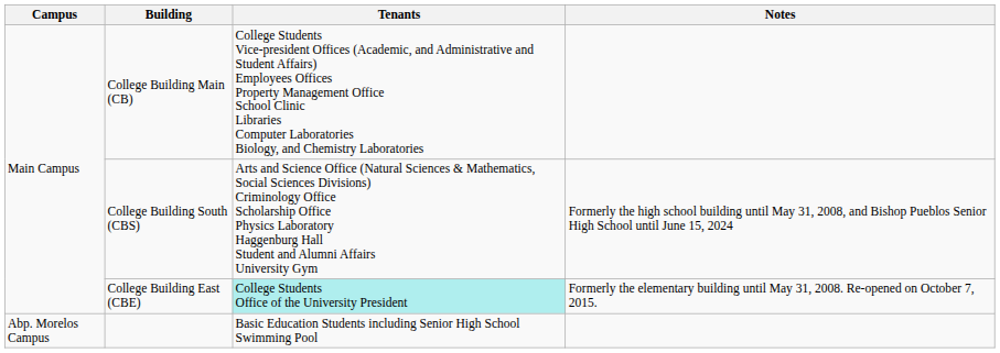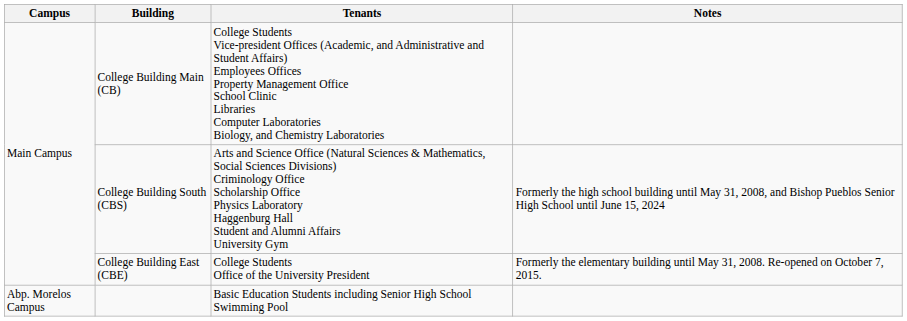 <table class="wikitable">
 <tr>
 <th>Campus</th>
 <th>Building</th>
 <th>Tenants</th>
 <th>Notes</th>
 </tr>
 <tr>
 <td rowspan="3">Main Campus</td>
 <td>College Building Main (CB)</td>
 <td>College Students<br>Vice-president Offices (Academic, and Administrative and Student Affairs)<br>Employees Offices<br>Property Management Office<br>School Clinic<br>Libraries<br>Computer Laboratories<br>Biology, and Chemistry Laboratories</td>
 <td></td>
 </tr>
 <tr>
 <td>College Building South (CBS)</td>
 <td>Arts and Science Office (Natural Sciences & Mathematics, Social Sciences Divisions)<br>Criminology Office<br>Scholarship Office<br>Physics Laboratory<br>Haggenburg Hall<br>Student and Alumni Affairs<br>University Gym</td>
 <td>Formerly the high school building until May 31, 2008, and Bishop Pueblos Senior High School until June 15, 2024</td>
 </tr>
 <tr>
 <td>College Building East (CBE)</td>
-<td style="background: paleturquoise;">College Students<br>Office of the University President</td>
+<td>College Students<br>Office of the University President</td>
 <td>Formerly the elementary building until May 31, 2008. Re-opened on October 7, 2015.</td>
 </tr>
 <tr>
 <td>Abp. Morelos Campus</td>
 <td></td>
 <td>Basic Education Students including Senior High School<br>Swimming Pool</td>
 <td></td>
 </tr>
 </table>
